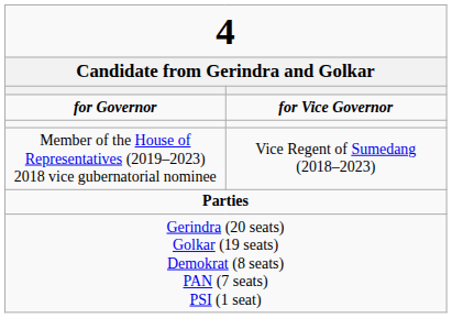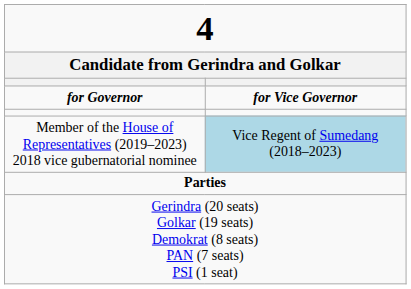 <table class="wikitable" style="font-size:90%; text-align:center;">
 <tr>
 <td colspan=2><big><big><big><big><big><strong>4</strong></big></big></big></big></big></td>
 </tr>
 <tr>
 <th colspan=2><big>Candidate from Gerindra and Golkar</big></th>
 </tr>
 <tr>
 <th style="width:3em; font-size:135%; background:#"><a href='#'></a></th>
 <th style="width:3em; font-size:135%; background:#"><a href='#'></a></th>
 </tr>
 <tr style="color:#000; font-size:100%; background:#">
 <td style="width:3em; width:200px;"><strong><em>for Governor</em></strong></td>
 <td style="width:3em; width:200px;"><strong><em>for Vice Governor</em></strong></td>
 </tr>
 <tr>
 <td></td>
 <td></td>
 </tr>
 <tr>
 <td>Member of the <a href='#'>House of Representatives</a> (2019–2023)<br>2018 vice gubernatorial nominee</td>
-<td>Vice Regent of <a href='#'>Sumedang</a><br>(2018–2023)</td>
+<td style="background: lightblue;">Vice Regent of <a href='#'>Sumedang</a><br>(2018–2023)</td>
 </tr>
 <tr>
 <td colspan=2><strong>Parties</strong></td>
 </tr>
 <tr>
 <td colspan=2> <a href='#'>Gerindra</a> (20 seats)<br><a href='#'>Golkar</a> (19 seats)<br><a href='#'>Demokrat</a> (8 seats)<br><a href='#'>PAN</a> (7 seats)<br><a href='#'>PSI</a> (1 seat)</td>
 </tr>
 </table>
